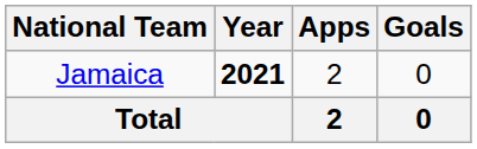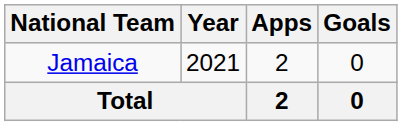 <table class="wikitable" style="text-align:center">
 <tr>
 <th>National Team</th>
 <th>Year</th>
 <th>Apps</th>
 <th>Goals</th>
 </tr>
 <tr>
 <td><a href='#'>Jamaica</a></td>
-<td><strong>2021</strong></td>
+<td>2021</td>
 <td>2</td>
 <td>0</td>
 </tr>
 <tr>
 <th colspan="2">Total</th>
 <th>2</th>
 <th>0</th>
 </tr>
 </table>
